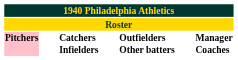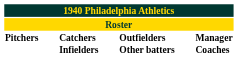 <table class="toccolours" style="font-size: 95%;">
 <tr>
 <th colspan="10" style="background-color: #003831; color: #FFD800; text-align: center;">1940 Philadelphia Athletics</th>
 </tr>
 <tr>
 <td colspan="10" style="background-color: #FFD800; color: #003831; text-align: center;"><strong>Roster</strong></td>
 </tr>
 <tr>
-<td valign="top" style="background: pink;"><strong>Pitchers</strong><br>            </td>
+<td valign="top"><strong>Pitchers</strong><br>            </td>
 <td width="25px"></td>
 <td valign="top"><strong>Catchers</strong><br>    <strong>Infielders</strong>         </td>
 <td width="25px"></td>
 <td valign="top"><strong>Outfielders</strong><br>       <strong>Other batters</strong> </td>
 <td width="25px"></td>
 <td valign="top"><strong>Manager</strong><br> <strong>Coaches</strong>    </td>
 </tr>
 </table>
